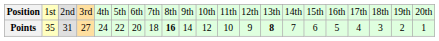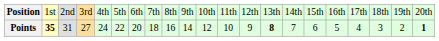 <table class="wikitable" style="font-size:85%; text-align: center">
 <tr>
 <th>Position</th>
 <td style="background:#FFFFBF;">1st</td>
 <td style="background:#DFDFDF;">2nd</td>
 <td style="background:#FFDF9F;">3rd</td>
 <td style="background:#DFFFDF;">4th</td>
 <td style="background:#DFFFDF;">5th</td>
 <td style="background:#DFFFDF;">6th</td>
 <td style="background:#DFFFDF;">7th</td>
 <td style="background:#DFFFDF;">8th</td>
 <td style="background:#DFFFDF;">9th</td>
 <td style="background:#DFFFDF;">10th</td>
 <td style="background:#DFFFDF;">11th</td>
 <td style="background:#DFFFDF;">12th</td>
 <td style="background:#DFFFDF;">13th</td>
 <td style="background:#DFFFDF;">14th</td>
 <td style="background:#DFFFDF;">15th</td>
 <td style="background:#DFFFDF;">16th</td>
 <td style="background:#DFFFDF;">17th</td>
 <td style="background:#DFFFDF;">18th</td>
 <td style="background:#DFFFDF;">19th</td>
 <td style="background:#DFFFDF;">20th</td>
 </tr>
 <tr>
 <th>Points</th>
-<td style="background:#FFFFBF;">35</td>
+<td style="background:#FFFFBF;"><strong>35</strong></td>
 <td style="background:#DFDFDF;">31</td>
 <td style="background:#FFDF9F;">27</td>
 <td style="background:#DFFFDF;">24</td>
 <td style="background:#DFFFDF;">22</td>
 <td style="background:#DFFFDF;">20</td>
 <td style="background:#DFFFDF;">18</td>
-<td style="background:#DFFFDF;"><strong>16</strong></td>
+<td style="background:#DFFFDF;">16</td>
 <td style="background:#DFFFDF;">14</td>
 <td style="background:#DFFFDF;">12</td>
 <td style="background:#DFFFDF;">10</td>
 <td style="background:#DFFFDF;">9</td>
 <td style="background:#DFFFDF;"><strong>8</strong></td>
 <td style="background:#DFFFDF;">7</td>
 <td style="background:#DFFFDF;">6</td>
 <td style="background:#DFFFDF;">5</td>
 <td style="background:#DFFFDF;">4</td>
 <td style="background:#DFFFDF;">3</td>
 <td style="background:#DFFFDF;">2</td>
-<td style="background:#DFFFDF;">1</td>
+<td style="background:#DFFFDF;"><strong>1</strong></td>
 </tr>
 </table>
